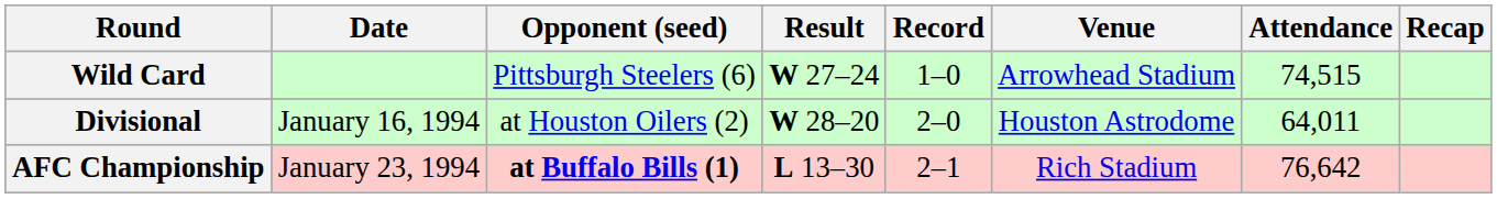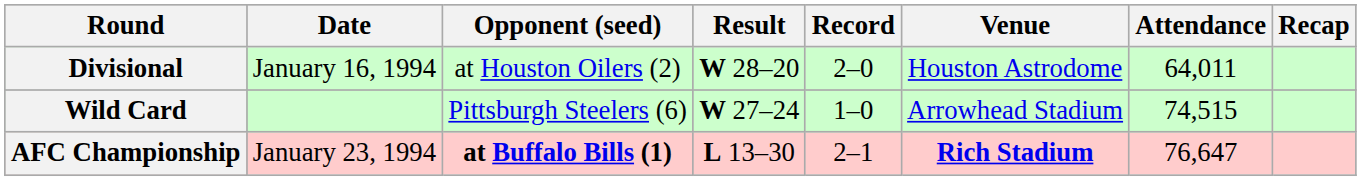 <table class="wikitable" style="text-align:center">
 <tr>
 <th>Round</th>
 <th>Date</th>
 <th>Opponent (seed)</th>
 <th>Result</th>
 <th>Record</th>
 <th>Venue</th>
 <th>Attendance</th>
 <th>Recap</th>
 </tr>
 <tr style="background:#cfc">
+<th>Divisional</th>
+<td>January 16, 1994</td>
+<td>at <a href='#'>Houston Oilers</a> (2)</td>
+<td><strong>W</strong> 28–20</td>
+<td>2–0</td>
+<td><a href='#'>Houston Astrodome</a></td>
+<td>64,011</td>
+<td></td>
+</tr>
+<tr style="background:#cfc">
 <th>Wild Card</th>
 <td></td>
 <td><a href='#'>Pittsburgh Steelers</a> (6)</td>
 <td><strong>W</strong> 27–24 </td>
 <td>1–0</td>
 <td><a href='#'>Arrowhead Stadium</a></td>
 <td>74,515</td>
 <td></td>
 </tr>
-<tr style="background:#cfc">
-<th>Divisional</th>
-<td>January 16, 1994</td>
-<td>at <a href='#'>Houston Oilers</a> (2)</td>
-<td><strong>W</strong> 28–20</td>
-<td>2–0</td>
-<td><a href='#'>Houston Astrodome</a></td>
-<td>64,011</td>
-<td></td>
-</tr>
 <tr style="background:#fcc">
 <th>AFC Championship</th>
 <td>January 23, 1994</td>
 <td><strong>at <a href='#'>Buffalo Bills</a> (1)</strong></td>
 <td><strong>L</strong> 13–30</td>
 <td>2–1</td>
-<td><a href='#'>Rich Stadium</a></td>
-<td>76,642</td>
+<td><strong><a href='#'>Rich Stadium</a></strong></td>
+<td>76,647</td>
 <td></td>
 </tr>
 </table>
